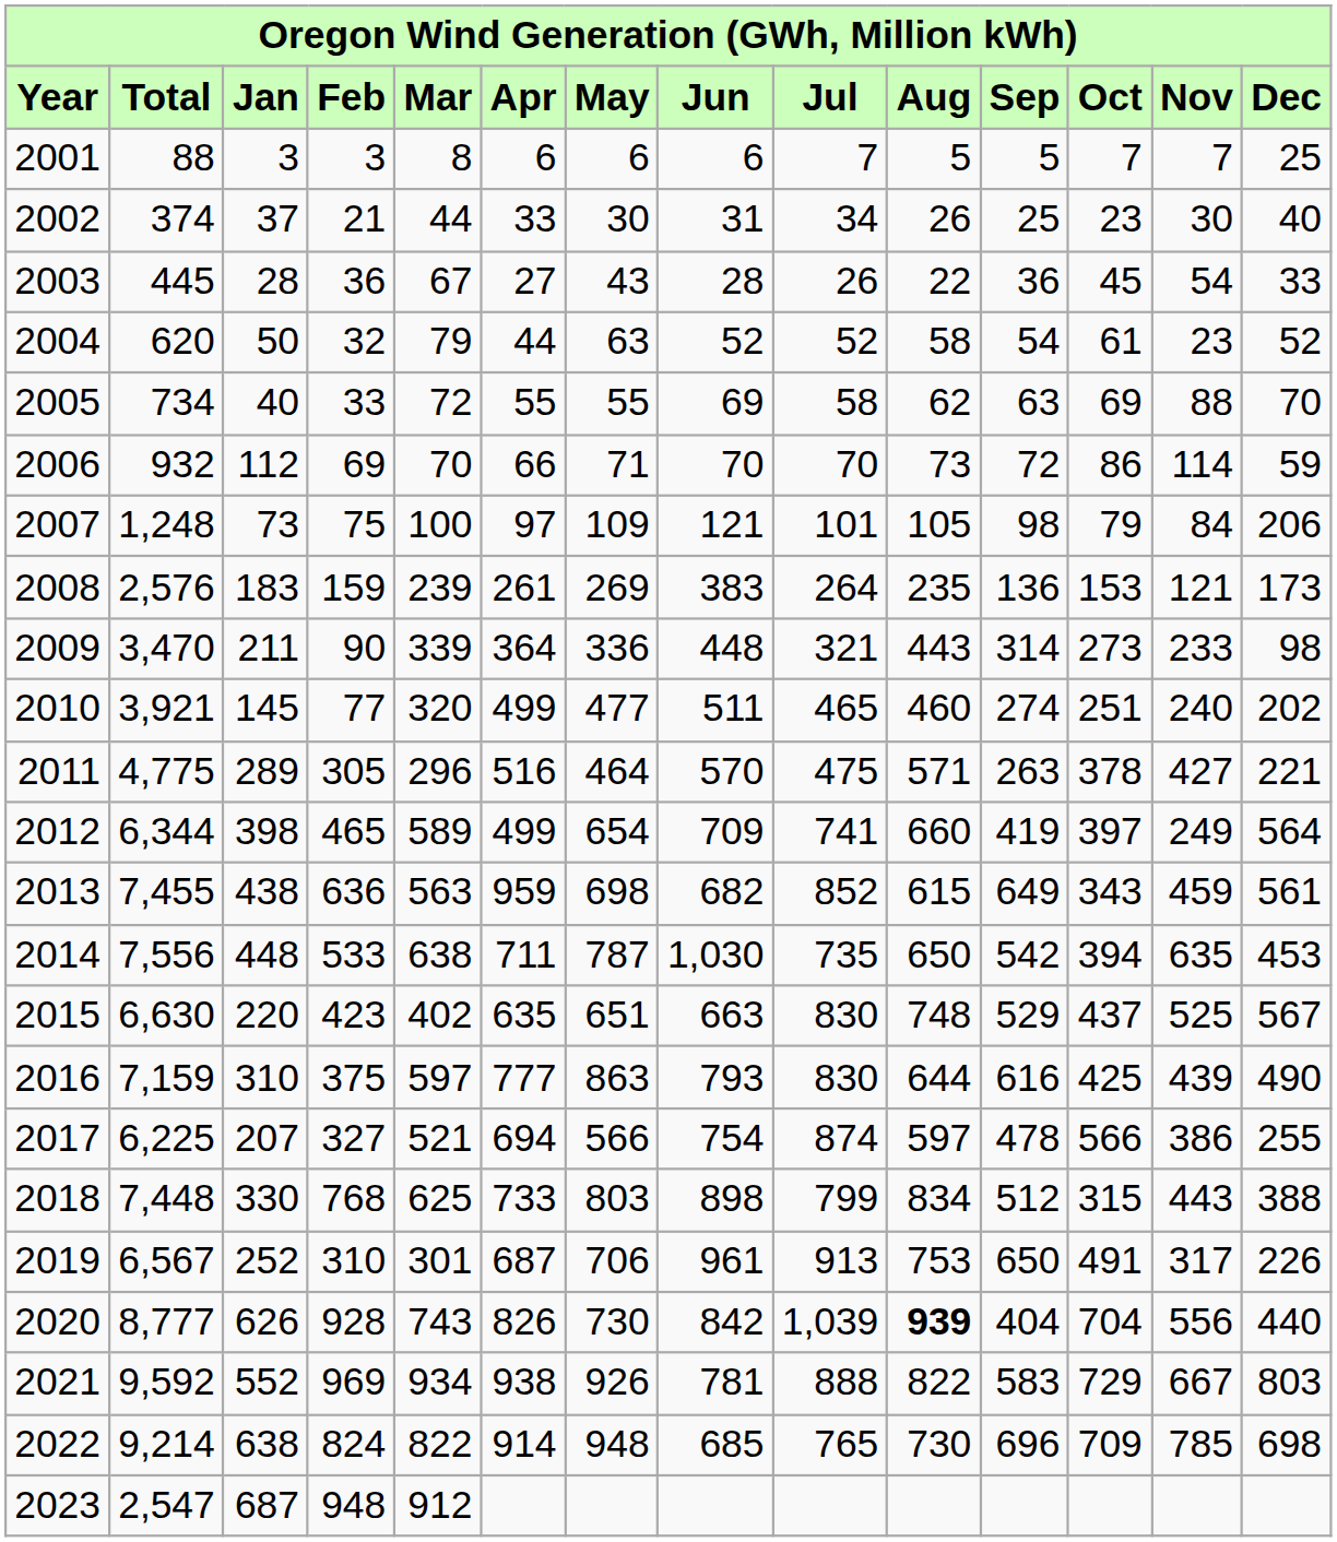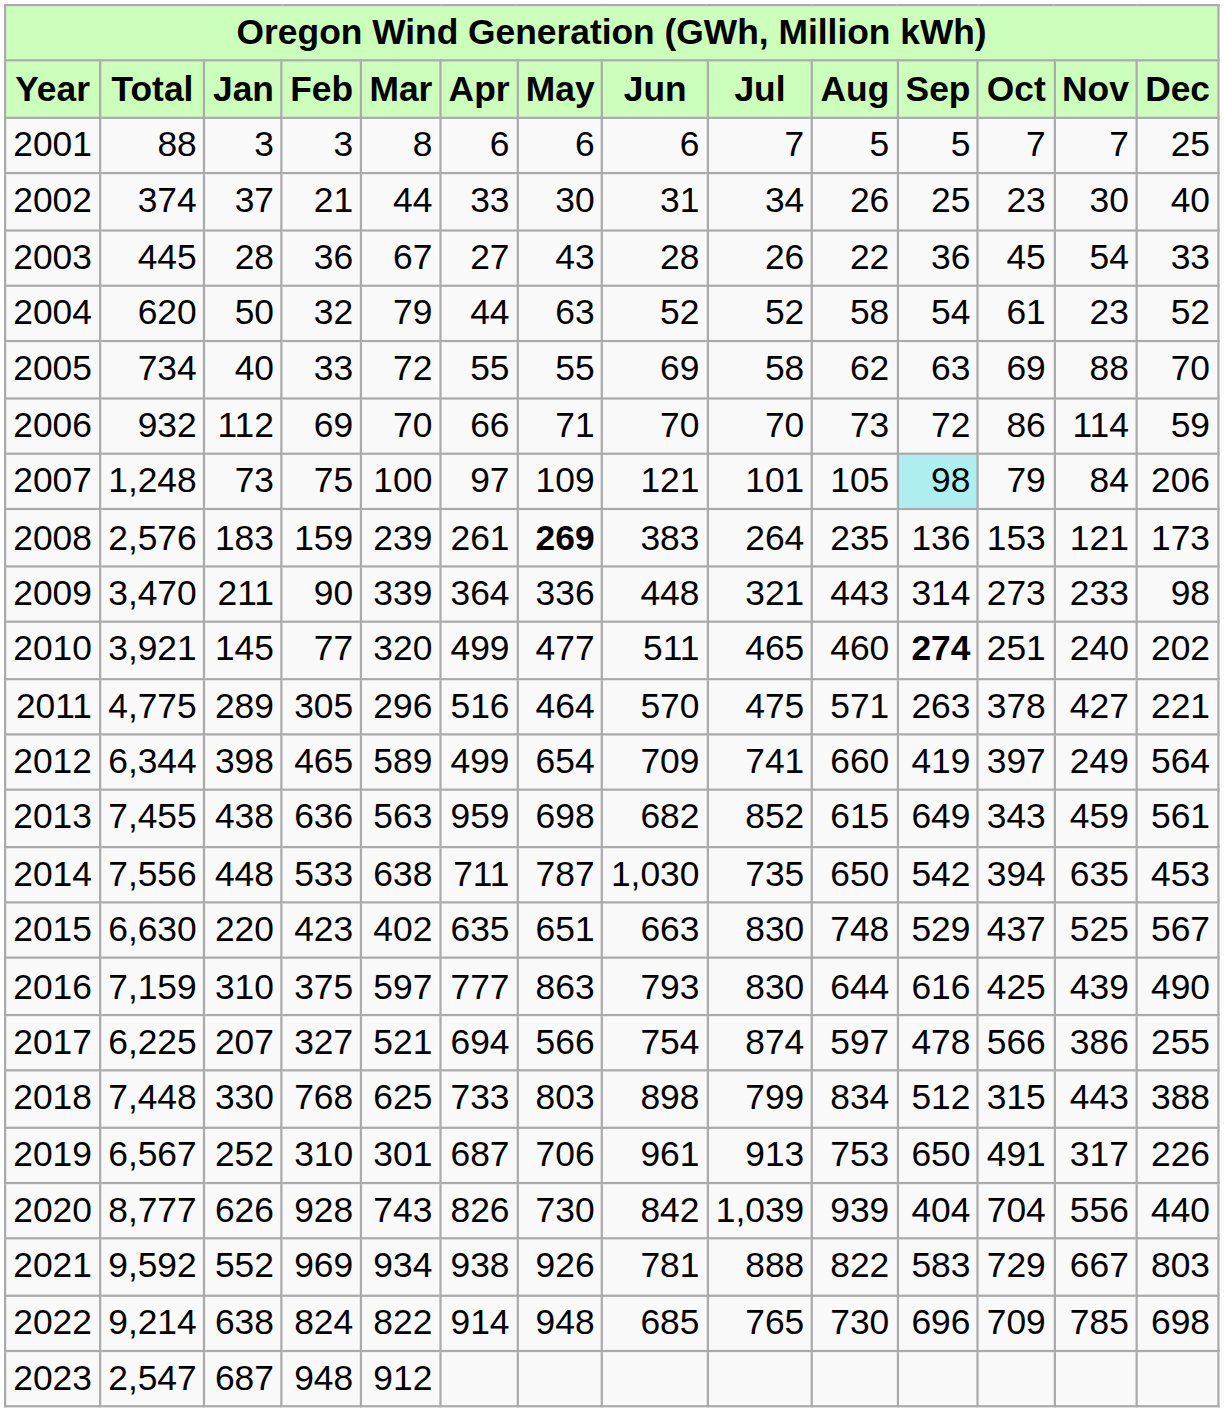 <table class="wikitable" style="text-align:right;">
 <tr>
 <th colspan="14" style="background:#cfb;">Oregon Wind Generation (GWh, Million kWh)</th>
 </tr>
 <tr>
 <th style="background:#cfb;">Year</th>
 <th style="background:#cfb;">Total</th>
 <th style="background:#cfb;">Jan</th>
 <th style="background:#cfb;">Feb</th>
 <th style="background:#cfb;">Mar</th>
 <th style="background:#cfb;">Apr</th>
 <th style="background:#cfb;">May</th>
 <th style="background:#cfb;">Jun</th>
 <th style="background:#cfb;">Jul</th>
 <th style="background:#cfb;">Aug</th>
 <th style="background:#cfb;">Sep</th>
 <th style="background:#cfb;">Oct</th>
 <th style="background:#cfb;">Nov</th>
 <th style="background:#cfb;">Dec</th>
 </tr>
 <tr align=right>
 <td>2001</td>
 <td>88</td>
 <td>3</td>
 <td>3</td>
 <td>8</td>
 <td>6</td>
 <td>6</td>
 <td>6</td>
 <td>7</td>
 <td>5</td>
 <td>5</td>
 <td>7</td>
 <td>7</td>
 <td>25</td>
 </tr>
 <tr align=right>
 <td>2002</td>
 <td>374</td>
 <td>37</td>
 <td>21</td>
 <td>44</td>
 <td>33</td>
 <td>30</td>
 <td>31</td>
 <td>34</td>
 <td>26</td>
 <td>25</td>
 <td>23</td>
 <td>30</td>
 <td>40</td>
 </tr>
 <tr align=right>
 <td>2003</td>
 <td>445</td>
 <td>28</td>
 <td>36</td>
 <td>67</td>
 <td>27</td>
 <td>43</td>
 <td>28</td>
 <td>26</td>
 <td>22</td>
 <td>36</td>
 <td>45</td>
 <td>54</td>
 <td>33</td>
 </tr>
 <tr align=right>
 <td>2004</td>
 <td>620</td>
 <td>50</td>
 <td>32</td>
 <td>79</td>
 <td>44</td>
 <td>63</td>
 <td>52</td>
 <td>52</td>
 <td>58</td>
 <td>54</td>
 <td>61</td>
 <td>23</td>
 <td>52</td>
 </tr>
 <tr align=right>
 <td>2005</td>
 <td>734</td>
 <td>40</td>
 <td>33</td>
 <td>72</td>
 <td>55</td>
 <td>55</td>
 <td>69</td>
 <td>58</td>
 <td>62</td>
 <td>63</td>
 <td>69</td>
 <td>88</td>
 <td>70</td>
 </tr>
 <tr align=right>
 <td>2006</td>
 <td>932</td>
 <td>112</td>
 <td>69</td>
 <td>70</td>
 <td>66</td>
 <td>71</td>
 <td>70</td>
 <td>70</td>
 <td>73</td>
 <td>72</td>
 <td>86</td>
 <td>114</td>
 <td>59</td>
 </tr>
 <tr align=right>
 <td>2007</td>
 <td>1,248</td>
 <td>73</td>
 <td>75</td>
 <td>100</td>
 <td>97</td>
 <td>109</td>
 <td>121</td>
 <td>101</td>
 <td>105</td>
-<td>98</td>
+<td style="background: paleturquoise;">98</td>
 <td>79</td>
 <td>84</td>
 <td>206</td>
 </tr>
 <tr align=right>
 <td>2008</td>
 <td>2,576</td>
 <td>183</td>
 <td>159</td>
 <td>239</td>
 <td>261</td>
-<td>269</td>
+<td><strong>269</strong></td>
 <td>383</td>
 <td>264</td>
 <td>235</td>
 <td>136</td>
 <td>153</td>
 <td>121</td>
 <td>173</td>
 </tr>
 <tr align=right>
 <td>2009</td>
 <td>3,470</td>
 <td>211</td>
 <td>90</td>
 <td>339</td>
 <td>364</td>
 <td>336</td>
 <td>448</td>
 <td>321</td>
 <td>443</td>
 <td>314</td>
 <td>273</td>
 <td>233</td>
 <td>98</td>
 </tr>
 <tr align=right>
 <td>2010</td>
 <td>3,921</td>
 <td>145</td>
 <td>77</td>
 <td>320</td>
 <td>499</td>
 <td>477</td>
 <td>511</td>
 <td>465</td>
 <td>460</td>
-<td>274</td>
+<td><strong>274</strong></td>
 <td>251</td>
 <td>240</td>
 <td>202</td>
 </tr>
 <tr align=right>
 <td>2011</td>
 <td>4,775</td>
 <td>289</td>
 <td>305</td>
 <td>296</td>
 <td>516</td>
 <td>464</td>
 <td>570</td>
 <td>475</td>
 <td>571</td>
 <td>263</td>
 <td>378</td>
 <td>427</td>
 <td>221</td>
 </tr>
 <tr align=right>
 <td>2012</td>
 <td>6,344</td>
 <td>398</td>
 <td>465</td>
 <td>589</td>
 <td>499</td>
 <td>654</td>
 <td>709</td>
 <td>741</td>
 <td>660</td>
 <td>419</td>
 <td>397</td>
 <td>249</td>
 <td>564</td>
 </tr>
 <tr align=right>
 <td>2013</td>
 <td>7,455</td>
 <td>438</td>
 <td>636</td>
 <td>563</td>
 <td>959</td>
 <td>698</td>
 <td>682</td>
 <td>852</td>
 <td>615</td>
 <td>649</td>
 <td>343</td>
 <td>459</td>
 <td>561</td>
 </tr>
 <tr align=right>
 <td>2014</td>
 <td>7,556</td>
 <td>448</td>
 <td>533</td>
 <td>638</td>
 <td>711</td>
 <td>787</td>
 <td>1,030</td>
 <td>735</td>
 <td>650</td>
 <td>542</td>
 <td>394</td>
 <td>635</td>
 <td>453</td>
 </tr>
 <tr align=right>
 <td>2015</td>
 <td>6,630</td>
 <td>220</td>
 <td>423</td>
 <td>402</td>
 <td>635</td>
 <td>651</td>
 <td>663</td>
 <td>830</td>
 <td>748</td>
 <td>529</td>
 <td>437</td>
 <td>525</td>
 <td>567</td>
 </tr>
 <tr align=right>
 <td>2016</td>
 <td>7,159</td>
 <td>310</td>
 <td>375</td>
 <td>597</td>
 <td>777</td>
 <td>863</td>
 <td>793</td>
 <td>830</td>
 <td>644</td>
 <td>616</td>
 <td>425</td>
 <td>439</td>
 <td>490</td>
 </tr>
 <tr align=right>
 <td>2017</td>
 <td>6,225</td>
 <td>207</td>
 <td>327</td>
 <td>521</td>
 <td>694</td>
 <td>566</td>
 <td>754</td>
 <td>874</td>
 <td>597</td>
 <td>478</td>
 <td>566</td>
 <td>386</td>
 <td>255</td>
 </tr>
 <tr align=right>
 <td>2018</td>
 <td>7,448</td>
 <td>330</td>
 <td>768</td>
 <td>625</td>
 <td>733</td>
 <td>803</td>
 <td>898</td>
 <td>799</td>
 <td>834</td>
 <td>512</td>
 <td>315</td>
 <td>443</td>
 <td>388</td>
 </tr>
 <tr align=right>
 <td>2019</td>
 <td>6,567</td>
 <td>252</td>
 <td>310</td>
 <td>301</td>
 <td>687</td>
 <td>706</td>
 <td>961</td>
 <td>913</td>
 <td>753</td>
 <td>650</td>
 <td>491</td>
 <td>317</td>
 <td>226</td>
 </tr>
 <tr align=right>
 <td>2020</td>
 <td>8,777</td>
 <td>626</td>
 <td>928</td>
 <td>743</td>
 <td>826</td>
 <td>730</td>
 <td>842</td>
 <td>1,039</td>
-<td><strong>939</strong></td>
+<td>939</td>
 <td>404</td>
 <td>704</td>
 <td>556</td>
 <td>440</td>
 </tr>
 <tr align=right>
 <td>2021</td>
 <td>9,592</td>
 <td>552</td>
 <td>969</td>
 <td>934</td>
 <td>938</td>
 <td>926</td>
 <td>781</td>
 <td>888</td>
 <td>822</td>
 <td>583</td>
 <td>729</td>
 <td>667</td>
 <td>803</td>
 </tr>
 <tr align=right>
 <td>2022</td>
 <td>9,214</td>
 <td>638</td>
 <td>824</td>
 <td>822</td>
 <td>914</td>
 <td>948</td>
 <td>685</td>
 <td>765</td>
 <td>730</td>
 <td>696</td>
 <td>709</td>
 <td>785</td>
 <td>698</td>
 </tr>
 <tr align=right>
 <td>2023</td>
 <td>2,547</td>
 <td>687</td>
 <td>948</td>
 <td>912</td>
 <td></td>
 <td></td>
 <td></td>
 <td></td>
 <td></td>
 <td></td>
 <td></td>
 <td></td>
 <td></td>
 </tr>
 </table>
